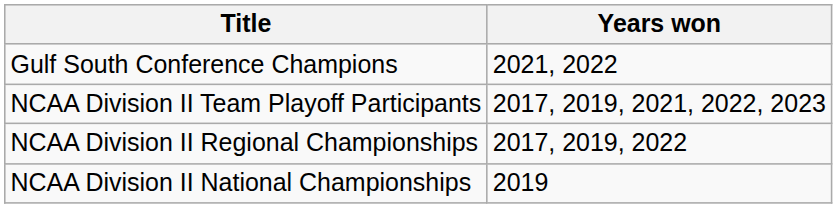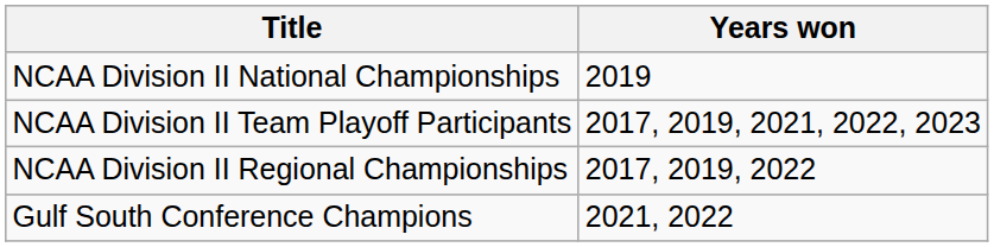 <table class="wikitable sortable">
 <tr>
 <th width=px>Title</th>
 <th width=px>Years won</th>
 </tr>
 <tr>
-<td>Gulf South Conference Champions</td>
-<td>2021, 2022</td>
+<td>NCAA Division II National Championships</td>
+<td>2019</td>
 </tr>
 <tr>
 <td>NCAA Division II Team Playoff Participants</td>
 <td>2017, 2019, 2021, 2022, 2023</td>
 </tr>
 <tr>
 <td>NCAA Division II Regional Championships</td>
 <td>2017, 2019, 2022</td>
 </tr>
 <tr>
-<td>NCAA Division II National Championships</td>
-<td>2019</td>
+<td>Gulf South Conference Champions</td>
+<td>2021, 2022</td>
 </tr>
 </table>
